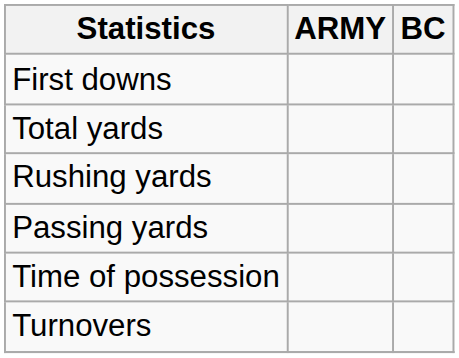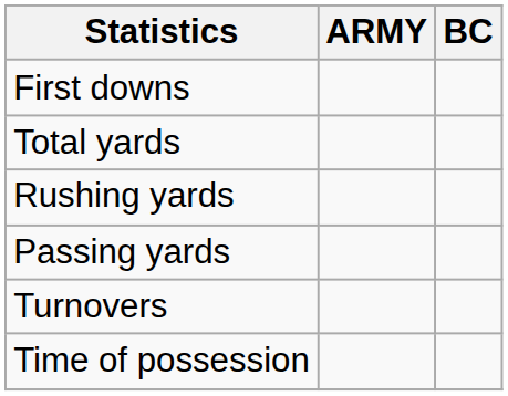 <table class="wikitable">
 <tr>
 <th>Statistics</th>
 <th>ARMY</th>
 <th>BC</th>
 </tr>
 <tr>
 <td>First downs</td>
 <td></td>
 <td></td>
 </tr>
 <tr>
 <td>Total yards</td>
 <td></td>
 <td></td>
 </tr>
 <tr>
 <td>Rushing yards</td>
 <td></td>
 <td></td>
 </tr>
 <tr>
 <td>Passing yards</td>
 <td></td>
 <td></td>
 </tr>
 <tr>
-<td>Time of possession</td>
+<td>Turnovers</td>
 <td></td>
 <td></td>
 </tr>
 <tr>
-<td>Turnovers</td>
+<td>Time of possession</td>
 <td></td>
 <td></td>
 </tr>
 <tr>
 </tr>
 </table>
